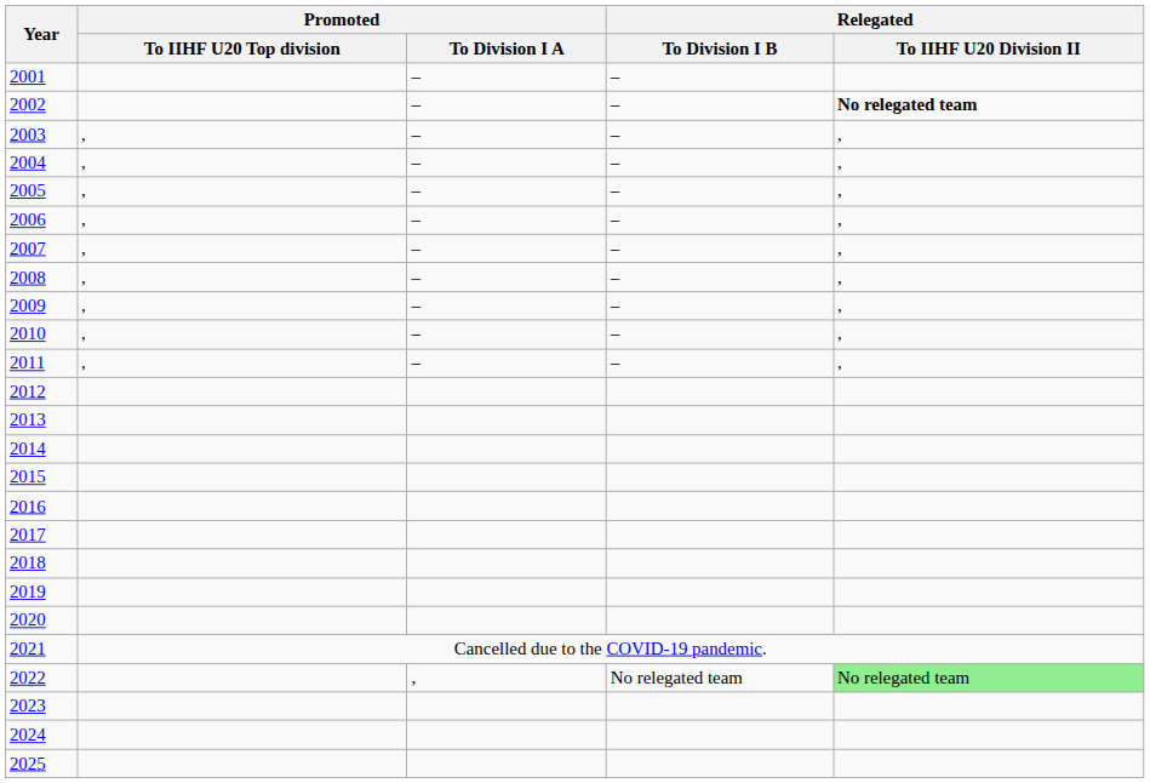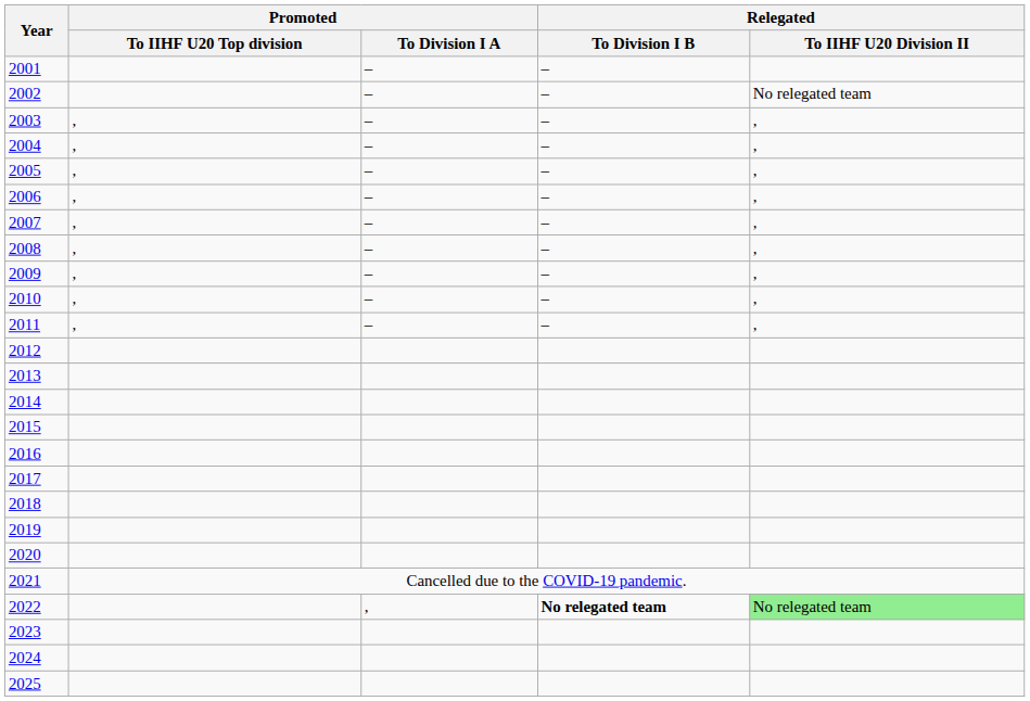 <table class="wikitable" width=80%>
 <tr>
 <th rowspan=2>Year</th>
 <th colspan=2>Promoted</th>
 <th colspan=2>Relegated</th>
 </tr>
 <tr>
 <th>To IIHF U20 Top division</th>
 <th>To Division I A</th>
 <th>To Division I B</th>
 <th>To IIHF U20 Division II</th>
 </tr>
 <tr>
 <td><a href='#'>2001</a></td>
 <td></td>
 <td>–</td>
 <td>–</td>
 <td></td>
 </tr>
 <tr>
 <td><a href='#'>2002</a></td>
 <td></td>
 <td>–</td>
 <td>–</td>
-<td><strong>No relegated team</strong></td>
+<td>No relegated team</td>
 </tr>
 <tr>
 <td><a href='#'>2003</a></td>
 <td>, </td>
 <td>–</td>
 <td>–</td>
 <td>, </td>
 </tr>
 <tr>
 <td><a href='#'>2004</a></td>
 <td>, </td>
 <td>–</td>
 <td>–</td>
 <td>, </td>
 </tr>
 <tr>
 <td><a href='#'>2005</a></td>
 <td>, </td>
 <td>–</td>
 <td>–</td>
 <td>, </td>
 </tr>
 <tr>
 <td><a href='#'>2006</a></td>
 <td>, </td>
 <td>–</td>
 <td>–</td>
 <td>, </td>
 </tr>
 <tr>
 <td><a href='#'>2007</a></td>
 <td>, </td>
 <td>–</td>
 <td>–</td>
 <td>, </td>
 </tr>
 <tr>
 <td><a href='#'>2008</a></td>
 <td>, </td>
 <td>–</td>
 <td>–</td>
 <td>, </td>
 </tr>
 <tr>
 <td><a href='#'>2009</a></td>
 <td>, </td>
 <td>–</td>
 <td>–</td>
 <td>, </td>
 </tr>
 <tr>
 <td><a href='#'>2010</a></td>
 <td>, </td>
 <td>–</td>
 <td>–</td>
 <td>, </td>
 </tr>
 <tr>
 <td><a href='#'>2011</a></td>
 <td>, </td>
 <td>–</td>
 <td>–</td>
 <td>, </td>
 </tr>
 <tr>
 <td><a href='#'>2012</a></td>
 <td></td>
 <td></td>
 <td></td>
 <td></td>
 </tr>
 <tr>
 <td><a href='#'>2013</a></td>
 <td></td>
 <td></td>
 <td></td>
 <td></td>
 </tr>
 <tr>
 <td><a href='#'>2014</a></td>
 <td></td>
 <td></td>
 <td></td>
 <td></td>
 </tr>
 <tr>
 <td><a href='#'>2015</a></td>
 <td></td>
 <td></td>
 <td></td>
 <td></td>
 </tr>
 <tr>
 <td><a href='#'>2016</a></td>
 <td></td>
 <td></td>
 <td></td>
 <td></td>
 </tr>
 <tr>
 <td><a href='#'>2017</a></td>
 <td></td>
 <td></td>
 <td></td>
 <td></td>
 </tr>
 <tr>
 <td><a href='#'>2018</a></td>
 <td></td>
 <td></td>
 <td></td>
 <td></td>
 </tr>
 <tr>
 <td><a href='#'>2019</a></td>
 <td></td>
 <td></td>
 <td></td>
 <td></td>
 </tr>
 <tr>
 <td><a href='#'>2020</a></td>
 <td></td>
 <td></td>
 <td></td>
 <td></td>
 </tr>
 <tr>
 <td><a href='#'>2021</a></td>
 <td colspan=4 align=center>Cancelled due to the <a href='#'>COVID-19 pandemic</a>.</td>
 </tr>
 <tr>
 <td><a href='#'>2022</a></td>
 <td></td>
 <td>, </td>
-<td>No relegated team</td>
+<td><strong>No relegated team</strong></td>
 <td style="background: lightgreen;">No relegated team</td>
 </tr>
 <tr>
 <td><a href='#'>2023</a></td>
 <td></td>
 <td></td>
 <td></td>
 <td></td>
 </tr>
 <tr>
 <td><a href='#'>2024</a></td>
 <td></td>
 <td></td>
 <td></td>
 <td></td>
 </tr>
 <tr>
 <td><a href='#'>2025</a></td>
 <td></td>
 <td></td>
 <td></td>
 <td></td>
 </tr>
 </table>
